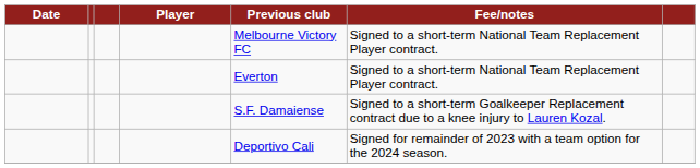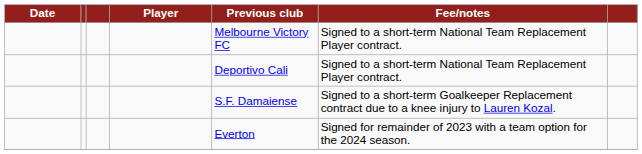 <table class="wikitable sortable">
 <tr>
 <th style="background:#921f1c; color:#fff; width:110px;" scope="col">Date</th>
 <th style="background:#921f1c; color:#fff;" scope="col"></th>
 <th style="background:#921f1c; color:#fff; width:30px;" scope="col"></th>
 <th style="background:#921f1c; color:#fff; width:150px;" scope="col">Player</th>
 <th style="background:#921f1c; color:#fff; width:150px;" scope="col">Previous club</th>
 <th style="background:#921f1c; color:#fff; width:450px;" scope="col">Fee/notes</th>
 <th style="background:#921f1c; color:#fff; width:40px;" scope="col"></th>
 </tr>
 <tr>
 <td></td>
 <td></td>
 <td></td>
 <td></td>
 <td> <a href='#'>Melbourne Victory FC</a></td>
 <td>Signed to a short-term National Team Replacement Player contract.</td>
 <td></td>
 </tr>
 <tr>
 <td></td>
 <td></td>
 <td></td>
 <td></td>
-<td> <a href='#'>Everton</a></td>
+<td> <a href='#'>Deportivo Cali</a></td>
 <td>Signed to a short-term National Team Replacement Player contract.</td>
 <td></td>
 </tr>
 <tr>
 <td></td>
 <td></td>
 <td></td>
 <td></td>
 <td> <a href='#'>S.F. Damaiense</a></td>
 <td>Signed to a short-term Goalkeeper Replacement contract due to a knee injury to <a href='#'>Lauren Kozal</a>.</td>
 <td></td>
 </tr>
 <tr>
 <td></td>
 <td></td>
 <td></td>
 <td></td>
-<td> <a href='#'>Deportivo Cali</a></td>
+<td> <a href='#'>Everton</a></td>
 <td>Signed for remainder of 2023 with a team option for the 2024 season.</td>
 <td></td>
 </tr>
 <tr>
 </tr>
 </table>
